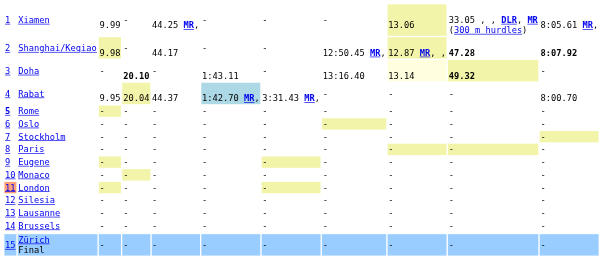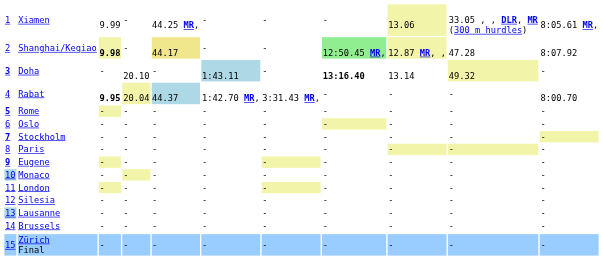 <table>
 <tr>
 <td><a href='#'>1</a></td>
 <td><a href='#'>Xiamen</a></td>
 <td><br> 9.99</td>
 <td>-</td>
 <td><br> 44.25 <strong><a href='#'>MR</a></strong>, </td>
 <td>-</td>
 <td>-</td>
 <td>-</td>
 <td bgcolor=#F2F5A9><br> 13.06 </td>
 <td><br> 33.05 , , <strong><a href='#'>DLR</a></strong>, <strong><a href='#'>MR</a></strong><br> (<a href='#'>300 m hurdles</a>)</td>
 <td><br> 8:05.61 <strong><a href='#'>MR</a></strong>, </td>
 </tr>
 <tr>
 <td><a href='#'>2</a></td>
 <td><a href='#'>Shanghai/Keqiao</a></td>
-<td bgcolor=#F2F5A9><br> 9.98</td>
+<td bgcolor=#F2F5A9><strong><br> 9.98</strong></td>
 <td>-</td>
-<td><br> 44.17 </td>
+<td style="background: khaki;"><br> 44.17 </td>
 <td>-</td>
 <td>-</td>
-<td><br> 12:50.45 <strong><a href='#'>MR</a></strong>, </td>
+<td style="background: lightgreen;"><br> 12:50.45 <strong><a href='#'>MR</a></strong>, </td>
 <td bgcolor=#F2F5A9><br> 12.87 <strong><a href='#'>MR</a></strong>, , </td>
-<td><strong><br> 47.28 </strong></td>
-<td><strong><br> 8:07.92 </strong></td>
+<td><br> 47.28 </td>
+<td><br> 8:07.92 </td>
 </tr>
 <tr>
-<td><a href='#'>3</a></td>
+<td><strong><a href='#'>3</a></strong></td>
 <td><a href='#'>Doha</a></td>
 <td>-</td>
-<td><strong><br> 20.10 </strong></td>
+<td><br> 20.10 </td>
 <td>-</td>
-<td><br> 1:43.11 </td>
+<td style="background: lightblue;"><br> 1:43.11 </td>
 <td>-</td>
-<td><br> 13:16.40 </td>
-<td style="background: lightyellow;"><br> 13.14 </td>
-<td bgcolor=#F2F5A9><strong><br> 49.32 </strong></td>
+<td><strong><br> 13:16.40 </strong></td>
+<td><br> 13.14 </td>
+<td bgcolor=#F2F5A9><br> 49.32 </td>
 <td>-</td>
 </tr>
 <tr>
 <td><a href='#'>4</a></td>
 <td><a href='#'>Rabat</a></td>
-<td><br> 9.95</td>
+<td><strong><br> 9.95</strong></td>
 <td bgcolor=#F2F5A9><br> 20.04</td>
-<td><br>44.37</td>
-<td style="background: lightblue;"><br> 1:42.70 <strong><a href='#'>MR</a></strong>, </td>
+<td style="background: lightblue;"><br>44.37</td>
+<td><br> 1:42.70 <strong><a href='#'>MR</a></strong>, </td>
 <td><br>3:31.43 <strong><a href='#'>MR</a></strong>, </td>
 <td>-</td>
 <td>-</td>
 <td>-</td>
 <td><br>8:00.70 </td>
 </tr>
 <tr>
 <td><strong><a href='#'>5</a></strong></td>
 <td><a href='#'>Rome</a></td>
 <td bgcolor=#F2F5A9>-</td>
 <td>-</td>
 <td>-</td>
 <td>-</td>
 <td>-</td>
 <td>-</td>
 <td>-</td>
 <td>-</td>
 <td>-</td>
 </tr>
 <tr>
 <td><a href='#'>6</a></td>
 <td><a href='#'>Oslo</a></td>
 <td>-</td>
 <td>-</td>
 <td>-</td>
 <td>-</td>
 <td>-</td>
 <td bgcolor=#F2F5A9>-</td>
 <td>-</td>
 <td>-</td>
 <td>-</td>
 </tr>
 <tr>
-<td><a href='#'>7</a></td>
+<td><strong><a href='#'>7</a></strong></td>
 <td><a href='#'>Stockholm</a></td>
 <td>-</td>
 <td>-</td>
 <td>-</td>
 <td>-</td>
 <td>-</td>
 <td>-</td>
 <td>-</td>
 <td>-</td>
 <td bgcolor=#F2F5A9>-</td>
 </tr>
 <tr>
 <td><a href='#'>8</a></td>
 <td><a href='#'>Paris</a></td>
 <td>-</td>
 <td>-</td>
 <td>-</td>
 <td>-</td>
 <td>-</td>
 <td>-</td>
 <td bgcolor=#F2F5A9>-</td>
 <td bgcolor=#F2F5A9>-</td>
 <td>-</td>
 </tr>
 <tr>
-<td><a href='#'>9</a></td>
+<td><strong><a href='#'>9</a></strong></td>
 <td><a href='#'>Eugene</a></td>
 <td bgcolor=#F2F5A9>-</td>
 <td>-</td>
 <td>-</td>
 <td>-</td>
 <td bgcolor=#F2F5A9>-</td>
 <td>-</td>
 <td>-</td>
 <td>-</td>
 <td>-</td>
 </tr>
 <tr>
-<td><a href='#'>10</a></td>
+<td style="background: lightblue;"><a href='#'>10</a></td>
 <td><a href='#'>Monaco</a></td>
 <td>-</td>
 <td bgcolor=#F2F5A9>-</td>
 <td>-</td>
 <td>-</td>
 <td>-</td>
 <td>-</td>
 <td>-</td>
 <td>-</td>
 <td>-</td>
 </tr>
 <tr>
-<td style="background: lightsalmon;"><a href='#'>11</a></td>
+<td><a href='#'>11</a></td>
 <td><a href='#'>London</a></td>
 <td bgcolor=#F2F5A9>-</td>
 <td>-</td>
 <td>-</td>
 <td>-</td>
 <td bgcolor=#F2F5A9>-</td>
 <td>-</td>
 <td>-</td>
 <td>-</td>
 <td>-</td>
 </tr>
 <tr>
 <td><a href='#'>12</a></td>
 <td><a href='#'>Silesia</a></td>
 <td>-</td>
 <td>-</td>
 <td>-</td>
 <td>-</td>
 <td>-</td>
 <td>-</td>
 <td>-</td>
 <td>-</td>
 <td>-</td>
 </tr>
 <tr>
-<td><a href='#'>13</a></td>
+<td style="background: lightblue;"><a href='#'>13</a></td>
 <td><a href='#'>Lausanne</a></td>
 <td>-</td>
 <td>-</td>
 <td>-</td>
 <td>-</td>
 <td>-</td>
 <td>-</td>
 <td>-</td>
 <td>-</td>
 <td>-</td>
 </tr>
 <tr>
 <td><a href='#'>14</a></td>
 <td><a href='#'>Brussels</a></td>
 <td>-</td>
 <td>-</td>
 <td>-</td>
 <td>-</td>
 <td>-</td>
 <td>-</td>
 <td>-</td>
 <td>-</td>
 <td>-</td>
 </tr>
 <tr>
 </tr>
 <tr bgcolor=#9acdff>
 <td><a href='#'>15</a></td>
 <td><a href='#'>Zürich</a><br>Final</td>
 <td>-</td>
 <td>-</td>
 <td>-</td>
 <td>-</td>
 <td>-</td>
 <td>-</td>
 <td>-</td>
 <td>-</td>
 <td>-</td>
 </tr>
 <tr>
 </tr>
 </table>
